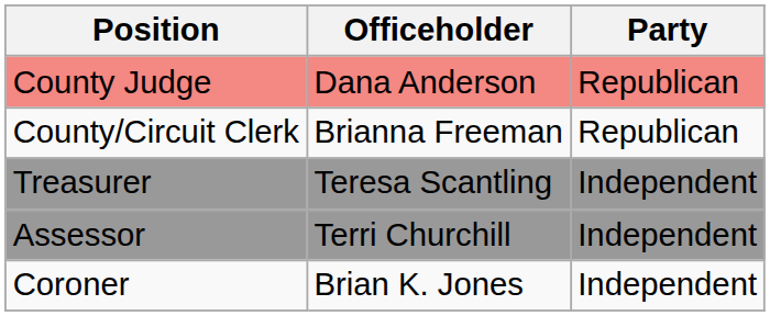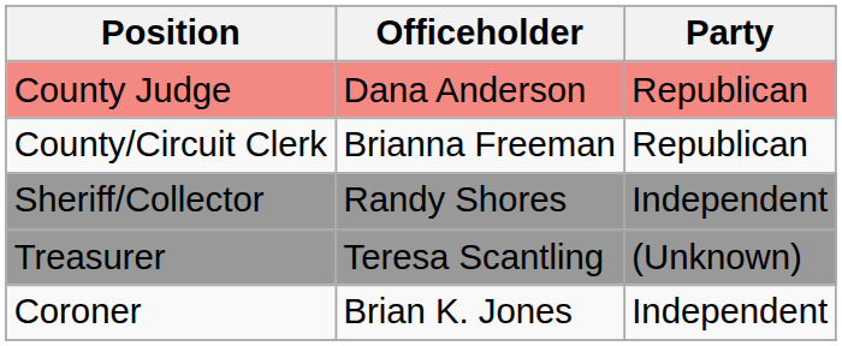 <table class="wikitable">
 <tr>
 <th>Position</th>
 <th>Officeholder</th>
 <th>Party</th>
 </tr>
 <tr style="background-color:#F48882;">
 <td>County Judge</td>
 <td>Dana Anderson</td>
 <td>Republican</td>
 </tr>
 <tr>
 <td>County/Circuit Clerk</td>
 <td>Brianna Freeman</td>
 <td>Republican</td>
 </tr>
 <tr style="background-color:#999999;">
-<td>Treasurer</td>
-<td>Teresa Scantling</td>
+<td>Sheriff/Collector</td>
+<td>Randy Shores</td>
 <td>Independent</td>
 </tr>
 <tr style="background-color:#999999;">
-<td>Assessor</td>
-<td>Terri Churchill</td>
-<td>Independent</td>
+<td>Treasurer</td>
+<td>Teresa Scantling</td>
+<td>(Unknown)</td>
 </tr>
 <tr>
 <td>Coroner</td>
 <td>Brian K. Jones</td>
 <td>Independent</td>
 </tr>
 </table>
